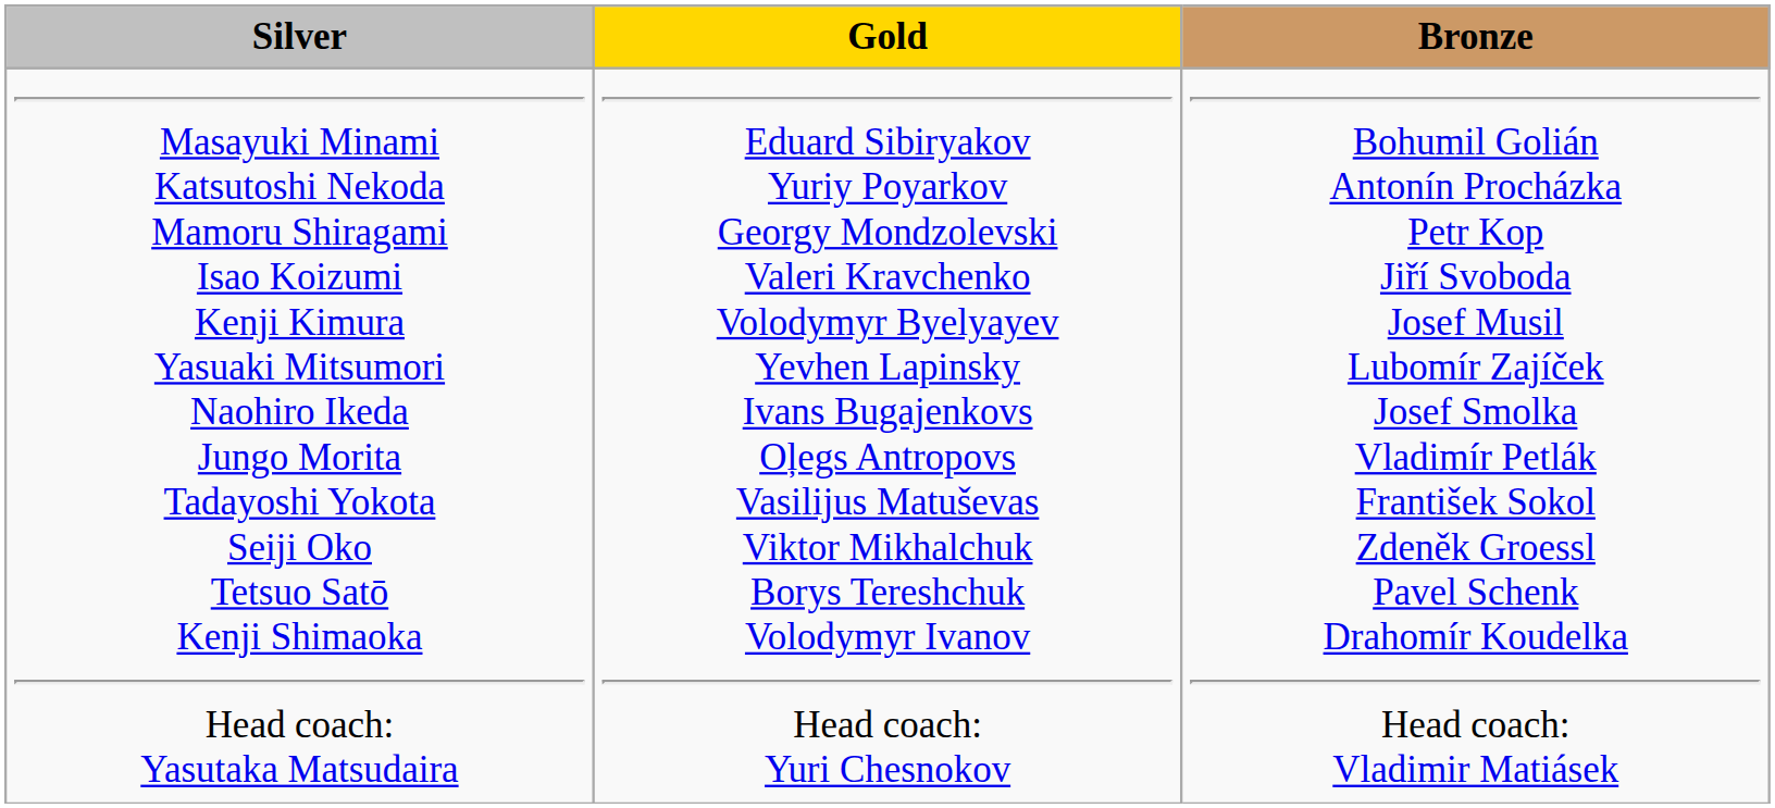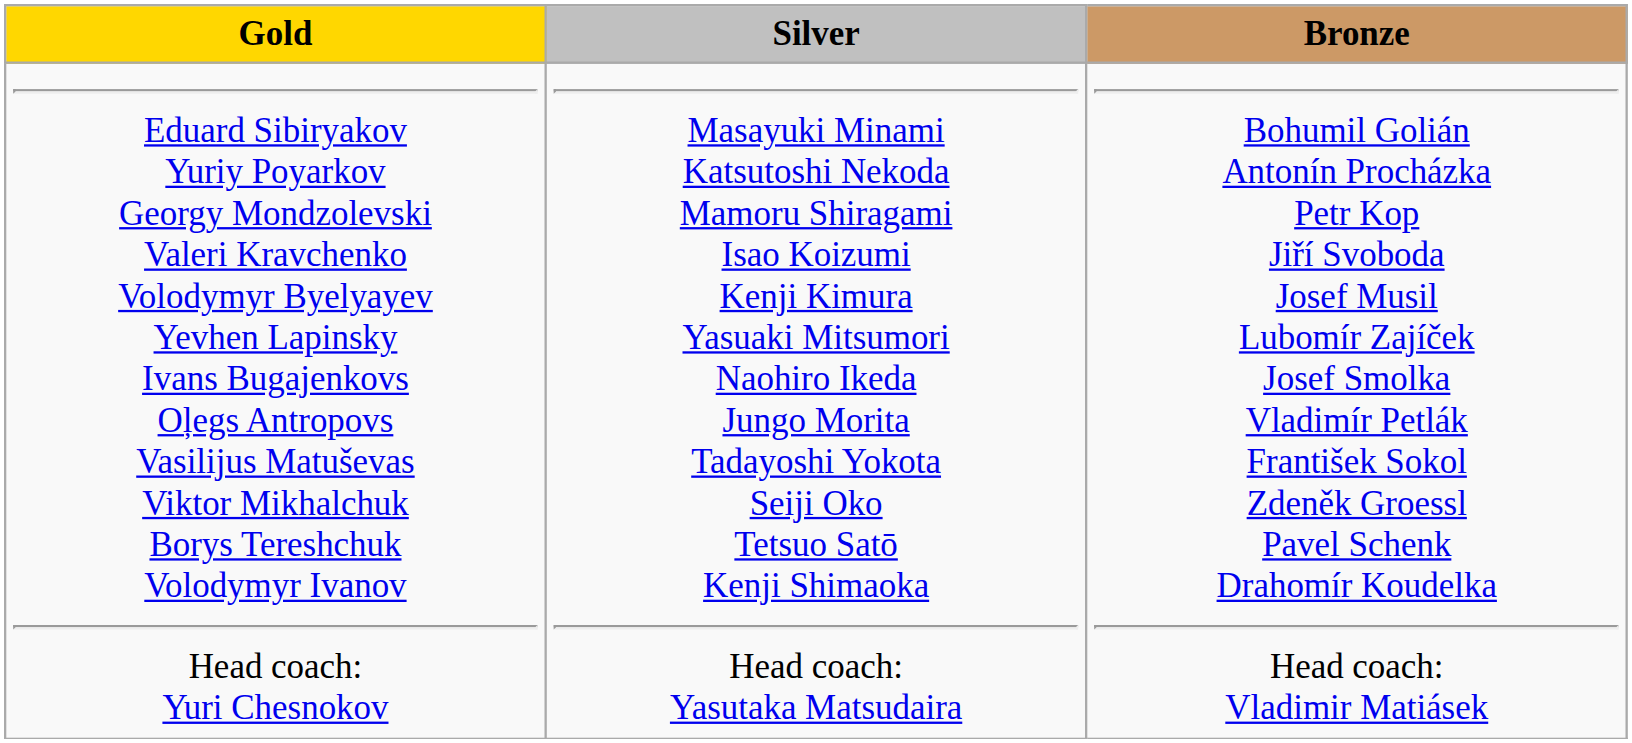 <table class="wikitable" style="text-align:center; font-size:95%;">
 <tr>
+<th style="width:15em; background:gold">Gold</th>
 <th style="width:15em; background:silver">Silver</th>
-<th style="width:15em; background:gold">Gold</th>
 <th style="width:15em; background:#cc9966">Bronze</th>
 </tr>
 <tr>
+<td><hr><a href='#'>Eduard Sibiryakov</a><br><a href='#'>Yuriy Poyarkov</a><br><a href='#'>Georgy Mondzolevski</a><br><a href='#'>Valeri Kravchenko</a><br><a href='#'>Volodymyr Byelyayev</a><br><a href='#'>Yevhen Lapinsky</a><br><a href='#'>Ivans Bugajenkovs</a><br><a href='#'>Oļegs Antropovs</a><br><a href='#'>Vasilijus Matuševas</a><br><a href='#'>Viktor Mikhalchuk</a><br><a href='#'>Borys Tereshchuk</a><br><a href='#'>Volodymyr Ivanov</a><br><hr>Head coach:<br><a href='#'>Yuri Chesnokov</a></td>
 <td><hr><a href='#'>Masayuki Minami</a><br><a href='#'>Katsutoshi Nekoda</a><br><a href='#'>Mamoru Shiragami</a><br><a href='#'>Isao Koizumi</a><br><a href='#'>Kenji Kimura</a><br><a href='#'>Yasuaki Mitsumori</a><br><a href='#'>Naohiro Ikeda</a><br><a href='#'>Jungo Morita</a><br><a href='#'>Tadayoshi Yokota</a><br><a href='#'>Seiji Oko</a><br><a href='#'>Tetsuo Satō</a><br><a href='#'>Kenji Shimaoka</a><br><hr>Head coach:<br><a href='#'>Yasutaka Matsudaira</a></td>
-<td><hr><a href='#'>Eduard Sibiryakov</a><br><a href='#'>Yuriy Poyarkov</a><br><a href='#'>Georgy Mondzolevski</a><br><a href='#'>Valeri Kravchenko</a><br><a href='#'>Volodymyr Byelyayev</a><br><a href='#'>Yevhen Lapinsky</a><br><a href='#'>Ivans Bugajenkovs</a><br><a href='#'>Oļegs Antropovs</a><br><a href='#'>Vasilijus Matuševas</a><br><a href='#'>Viktor Mikhalchuk</a><br><a href='#'>Borys Tereshchuk</a><br><a href='#'>Volodymyr Ivanov</a><br><hr>Head coach:<br><a href='#'>Yuri Chesnokov</a></td>
 <td><hr><a href='#'>Bohumil Golián</a><br><a href='#'>Antonín Procházka</a><br><a href='#'>Petr Kop</a><br><a href='#'>Jiří Svoboda</a><br><a href='#'>Josef Musil</a><br><a href='#'>Lubomír Zajíček</a><br><a href='#'>Josef Smolka</a><br><a href='#'>Vladimír Petlák</a><br><a href='#'>František Sokol</a><br><a href='#'>Zdeněk Groessl</a><br><a href='#'>Pavel Schenk</a><br><a href='#'>Drahomír Koudelka</a><br><hr>Head coach:<br><a href='#'>Vladimir Matiásek</a></td>
 </tr>
 </table>
